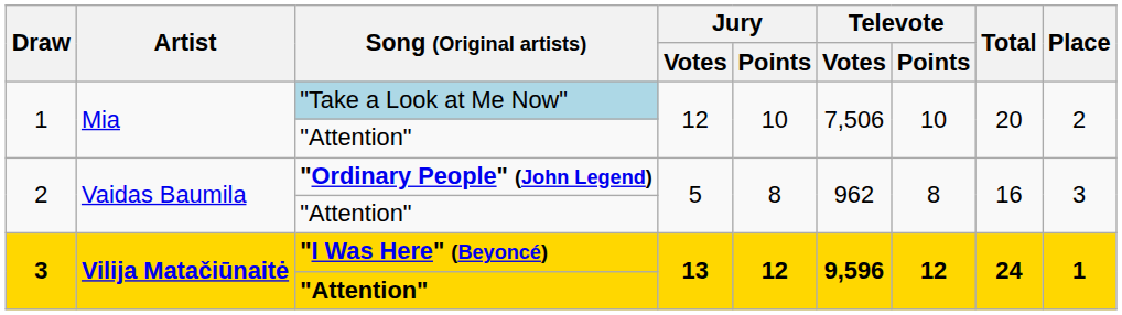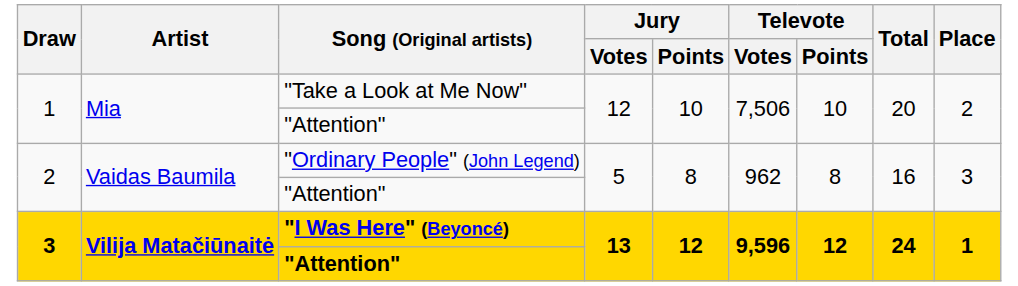 <table class="sortable wikitable" style="margin: 1em auto 1em auto; text-align:center;">
 <tr>
 <th rowspan="2">Draw</th>
 <th rowspan="2">Artist</th>
 <th rowspan="2">Song <small>(Original artists)</small></th>
 <th colspan="2">Jury</th>
 <th colspan="2">Televote</th>
 <th rowspan="2">Total</th>
 <th rowspan="2">Place</th>
 </tr>
 <tr>
 <th>Votes</th>
 <th>Points</th>
 <th>Votes</th>
 <th>Points</th>
 </tr>
 <tr>
 <td rowspan="2">1</td>
 <td rowspan="2" align="left"><a href='#'>Mia</a></td>
-<td align="left" style="background: lightblue;">"Take a Look at Me Now"</td>
+<td align="left">"Take a Look at Me Now"</td>
 <td rowspan="2">12</td>
 <td rowspan="2">10</td>
 <td rowspan="2">7,506</td>
 <td rowspan="2">10</td>
 <td rowspan="2">20</td>
 <td rowspan="2">2</td>
 </tr>
 <tr>
 <td align="left">"Attention"</td>
 </tr>
 <tr>
 <td rowspan="2">2</td>
 <td rowspan="2" align="left"><a href='#'>Vaidas Baumila</a></td>
-<td align="left"><strong>"<a href='#'>Ordinary People</a>" <small>(<a href='#'>John Legend</a>)</small></strong></td>
+<td align="left">"<a href='#'>Ordinary People</a>" <small>(<a href='#'>John Legend</a>)</small></td>
 <td rowspan="2">5</td>
 <td rowspan="2">8</td>
 <td rowspan="2">962</td>
 <td rowspan="2">8</td>
 <td rowspan="2">16</td>
 <td rowspan="2">3</td>
 </tr>
 <tr>
 <td align="left">"Attention"</td>
 </tr>
 <tr style="font-weight:bold; background:gold;">
 <td rowspan="2">3</td>
 <td rowspan="2" align="left"><a href='#'>Vilija Matačiūnaitė</a></td>
 <td align="left">"<a href='#'>I Was Here</a>" <small>(<a href='#'>Beyoncé</a>)</small></td>
 <td rowspan="2">13</td>
 <td rowspan="2">12</td>
 <td rowspan="2">9,596</td>
 <td rowspan="2">12</td>
 <td rowspan="2">24</td>
 <td rowspan="2">1</td>
 </tr>
 <tr style="font-weight:bold; background:gold;">
 <td align="left">"Attention"</td>
 </tr>
 </table>
